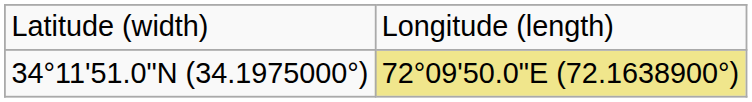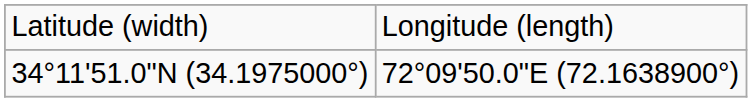 <table class="wikitable">
 <tr>
 <td>Latitude (width)</td>
 <td>Longitude (length)</td>
 </tr>
 <tr>
 <td>34°11'51.0"N (34.1975000°)</td>
-<td style="background: khaki;">72°09'50.0"E (72.1638900°)</td>
+<td>72°09'50.0"E (72.1638900°)</td>
 </tr>
 </table>
